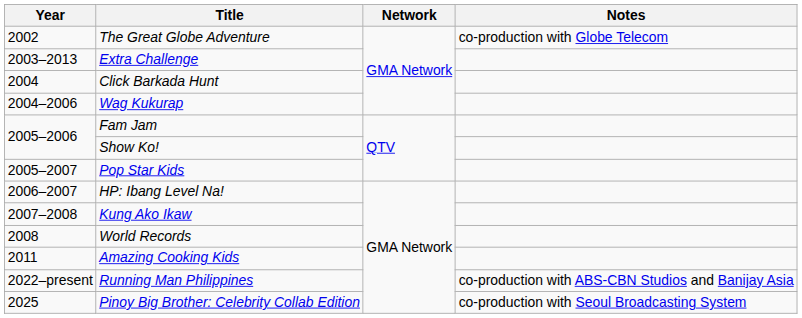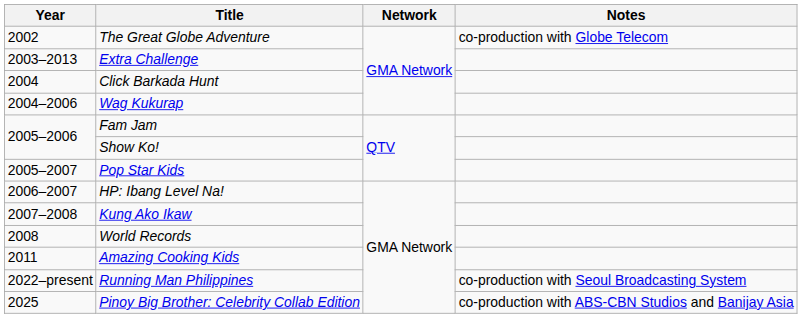 <table class="wikitable">
 <tr>
 <th>Year</th>
 <th>Title</th>
 <th>Network</th>
 <th>Notes</th>
 </tr>
 <tr>
 <td>2002</td>
 <td><em>The Great Globe Adventure</em></td>
 <td rowspan="4"><a href='#'>GMA Network</a></td>
 <td>co-production with <a href='#'>Globe Telecom</a></td>
 </tr>
 <tr>
 <td>2003–2013</td>
 <td><em><a href='#'>Extra Challenge</a></em></td>
 <td></td>
 </tr>
 <tr>
 <td>2004</td>
 <td><em>Click Barkada Hunt</em></td>
 <td></td>
 </tr>
 <tr>
 <td>2004–2006</td>
 <td><em><a href='#'>Wag Kukurap</a></em></td>
 <td></td>
 </tr>
 <tr>
 <td rowspan="2">2005–2006</td>
 <td><em>Fam Jam</em></td>
 <td rowspan="3"><a href='#'>QTV</a></td>
 <td></td>
 </tr>
 <tr>
 <td><em>Show Ko!</em></td>
 <td></td>
 </tr>
 <tr>
 <td>2005–2007</td>
 <td><em><a href='#'>Pop Star Kids</a></em></td>
 <td></td>
 </tr>
 <tr>
 <td>2006–2007</td>
 <td><em>HP: Ibang Level Na!</em></td>
 <td rowspan="6">GMA Network</td>
 <td></td>
 </tr>
 <tr>
 <td>2007–2008</td>
 <td><em><a href='#'>Kung Ako Ikaw</a></em></td>
 <td></td>
 </tr>
 <tr>
 <td>2008</td>
 <td><em>World Records</em></td>
 <td></td>
 </tr>
 <tr>
 <td>2011</td>
 <td><em><a href='#'>Amazing Cooking Kids</a></em></td>
 <td></td>
 </tr>
 <tr>
 <td>2022–present</td>
 <td><em><a href='#'>Running Man Philippines</a></em></td>
-<td>co-production with <a href='#'>ABS-CBN Studios</a> and <a href='#'>Banijay Asia</a></td>
+<td>co-production with <a href='#'>Seoul Broadcasting System</a></td>
 </tr>
 <tr>
 <td>2025</td>
 <td><em><a href='#'>Pinoy Big Brother: Celebrity Collab Edition</a></em></td>
-<td>co-production with <a href='#'>Seoul Broadcasting System</a></td>
+<td>co-production with <a href='#'>ABS-CBN Studios</a> and <a href='#'>Banijay Asia</a></td>
 </tr>
 </table>
